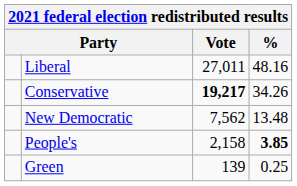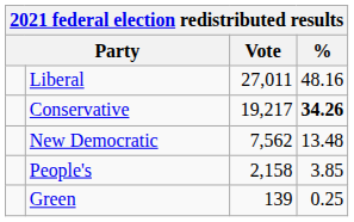 <table class="wikitable">
 <tr>
 <th colspan="4"><a href='#'>2021 federal election</a> redistributed results</th>
 </tr>
 <tr>
 <th bgcolor="#DDDDFF" width="130px" colspan="2">Party</th>
 <th bgcolor="#DDDDFF" width="50px">Vote</th>
 <th bgcolor="#DDDDFF" width="30px">%</th>
 </tr>
 <tr>
 <td> </td>
 <td><a href='#'>Liberal</a></td>
 <td align=right>27,011</td>
 <td align=right>48.16</td>
 </tr>
 <tr>
 <td> </td>
 <td><a href='#'>Conservative</a></td>
-<td align=right><strong>19,217</strong></td>
-<td align=right>34.26</td>
+<td align=right>19,217</td>
+<td align=right><strong>34.26</strong></td>
 </tr>
 <tr>
 <td> </td>
 <td><a href='#'>New Democratic</a></td>
 <td align=right>7,562</td>
 <td align=right>13.48</td>
 </tr>
 <tr>
 <td> </td>
 <td><a href='#'>People's</a></td>
 <td align=right>2,158</td>
-<td align=right><strong>3.85</strong></td>
+<td align=right>3.85</td>
 </tr>
 <tr>
 <td> </td>
 <td><a href='#'>Green</a></td>
 <td align=right>139</td>
 <td align=right>0.25</td>
 </tr>
 </table>
